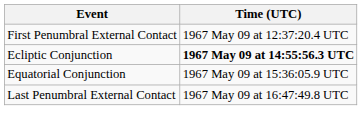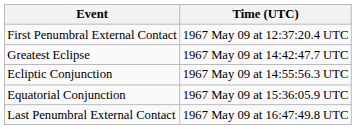 <table class="wikitable">
 <tr>
 <th>Event</th>
 <th>Time (UTC)</th>
 </tr>
 <tr>
 <td>First Penumbral External Contact</td>
 <td>1967 May 09 at 12:37:20.4 UTC</td>
 </tr>
 <tr>
+<td>Greatest Eclipse</td>
+<td>1967 May 09 at 14:42:47.7 UTC</td>
+</tr>
+<tr>
 <td>Ecliptic Conjunction</td>
-<td><strong>1967 May 09 at 14:55:56.3 UTC</strong></td>
+<td>1967 May 09 at 14:55:56.3 UTC</td>
 </tr>
 <tr>
 <td>Equatorial Conjunction</td>
 <td>1967 May 09 at 15:36:05.9 UTC</td>
 </tr>
 <tr>
 <td>Last Penumbral External Contact</td>
 <td>1967 May 09 at 16:47:49.8 UTC</td>
 </tr>
 </table>
